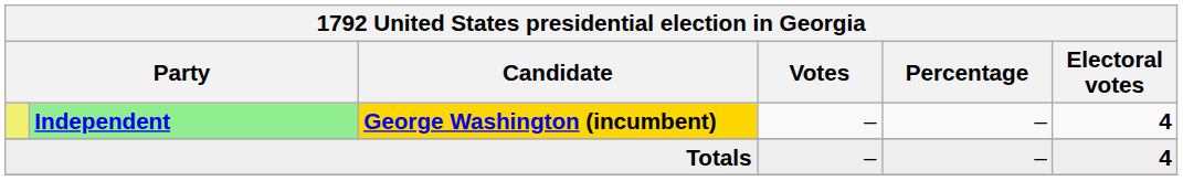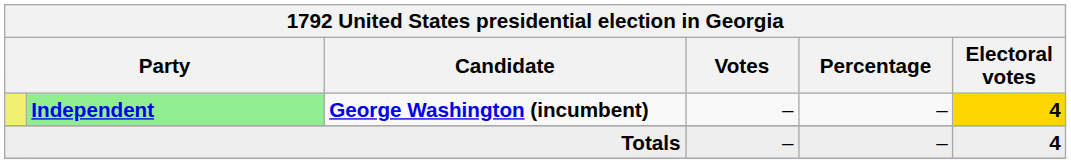 <table class="wikitable" style="font-size: 95%;">
 <tr>
 <th colspan="6">1792 United States presidential election in Georgia</th>
 </tr>
 <tr>
 <th colspan="2" style="width: 15em">Party</th>
 <th style="width: 17em">Candidate</th>
 <th style="width: 5em">Votes</th>
 <th style="width: 7em">Percentage</th>
 <th style="width: 5em">Electoral votes</th>
 </tr>
 <tr>
 <th style="background-color:#F0F071; width: 3px"></th>
 <td style="background: lightgreen; width: 130px"><strong><a href='#'>Independent</a></strong></td>
-<td style="background: gold;"><strong><a href='#'>George Washington</a> (incumbent)</strong></td>
+<td><strong><a href='#'>George Washington</a> (incumbent)</strong></td>
 <td align="right">–</td>
 <td align="right">–</td>
-<td align="right"><strong>4</strong></td>
+<td align="right" style="background: gold;"><strong>4</strong></td>
 </tr>
 <tr>
 </tr>
 <tr bgcolor="#EEEEEE">
 <td colspan="3" align="right"><strong>Totals</strong></td>
 <td align="right">–</td>
 <td align="right">–</td>
 <td align="right"><strong>4</strong></td>
 </tr>
 <tr>
 </tr>
 </table>
